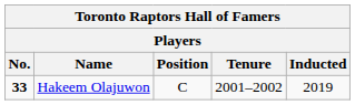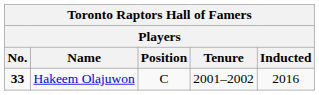 <table class="wikitable" style="text-align:center">
 <tr>
 <th colspan="5">Toronto Raptors Hall of Famers</th>
 </tr>
 <tr>
 <th colspan="5" style="text-align:center; ">Players</th>
 </tr>
 <tr>
 <th>No.</th>
 <th>Name</th>
 <th>Position</th>
 <th>Tenure</th>
 <th>Inducted</th>
 </tr>
 <tr>
 <td><strong>33</strong></td>
 <td><a href='#'>Hakeem Olajuwon</a></td>
 <td>C</td>
 <td>2001–2002</td>
-<td>2019</td>
+<td>2016</td>
 </tr>
 </table>
